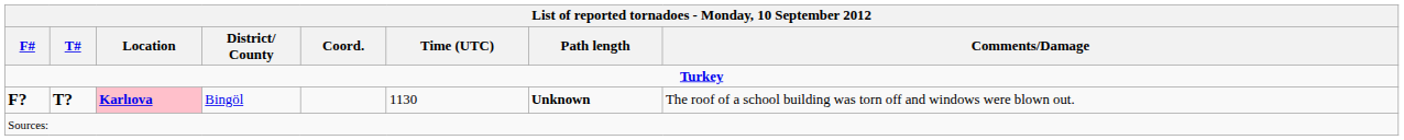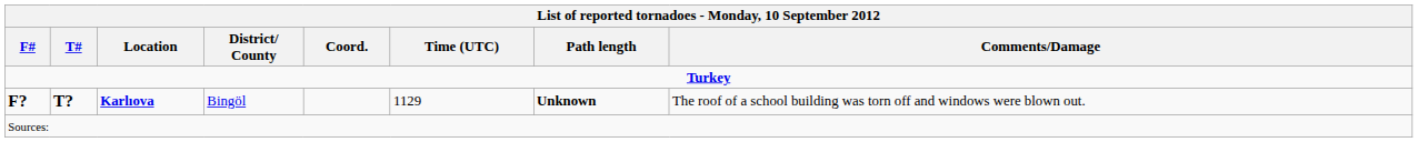 <table class="wikitable collapsible" width="100%">
 <tr>
 <th colspan="8">List of reported tornadoes - Monday, 10 September 2012</th>
 </tr>
 <tr>
 <th><a href='#'>F#</a></th>
 <th><a href='#'>T#</a></th>
 <th>Location</th>
 <th>District/<br>County</th>
 <th>Coord.</th>
 <th>Time (UTC)</th>
 <th>Path length</th>
 <th>Comments/Damage</th>
 </tr>
 <tr>
 <td colspan="8" align=center><strong><a href='#'>Turkey</a></strong></td>
 </tr>
 <tr>
 <td><big><strong>F?</strong></big></td>
 <td><big><strong>T?</strong></big></td>
-<td style="background: pink;"><strong><a href='#'>Karlıova</a></strong></td>
+<td><strong><a href='#'>Karlıova</a></strong></td>
 <td><a href='#'>Bingöl</a></td>
 <td></td>
-<td>1130</td>
+<td>1129</td>
 <td><strong>Unknown</strong></td>
 <td>The roof of a school building was torn off and windows were blown out.</td>
 </tr>
 <tr>
 <td colspan="8"><small>Sources:  </small></td>
 </tr>
 </table>
